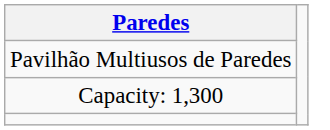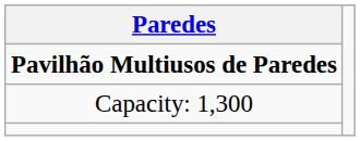 <table class="wikitable">
 <tr>
 <th><a href='#'>Paredes</a></th>
 <td rowspan=4></td>
 </tr>
 <tr>
-<td align=center>Pavilhão Multiusos de Paredes</td>
+<td align=center><strong>Pavilhão Multiusos de Paredes</strong></td>
 </tr>
 <tr>
 <td align=center>Capacity: 1,300</td>
 </tr>
 <tr>
 <td></td>
 </tr>
 </table>
